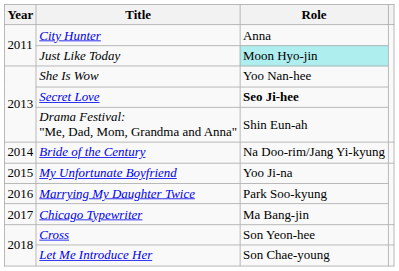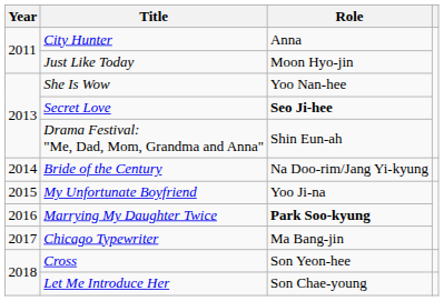 <table class="wikitable">
 <tr>
 <th>Year</th>
 <th>Title</th>
 <th>Role</th>
 <th scope="col" class="unsortable"></th>
 </tr>
 <tr>
 <td rowspan=2>2011</td>
 <td><em><a href='#'>City Hunter</a></em></td>
 <td>Anna</td>
 </tr>
 <tr>
 <td><em>Just Like Today</em></td>
-<td style="background: paleturquoise;">Moon Hyo-jin</td>
+<td>Moon Hyo-jin</td>
 </tr>
 <tr>
 <td rowspan=3>2013</td>
 <td><em>She Is Wow</em></td>
 <td>Yoo Nan-hee</td>
 </tr>
 <tr>
 <td><em><a href='#'>Secret Love</a></em></td>
 <td><strong>Seo Ji-hee</strong></td>
 </tr>
 <tr>
 <td><em>Drama Festival:</em><br>"Me, Dad, Mom, Grandma and Anna"</td>
 <td>Shin Eun-ah</td>
 </tr>
 <tr>
 <td>2014</td>
 <td><em><a href='#'>Bride of the Century</a></em></td>
 <td>Na Doo-rim/Jang Yi-kyung</td>
 <td></td>
 </tr>
 <tr>
 <td>2015</td>
 <td><em><a href='#'>My Unfortunate Boyfriend</a></em></td>
 <td>Yoo Ji-na</td>
 </tr>
 <tr>
 <td>2016</td>
 <td><em><a href='#'>Marrying My Daughter Twice</a></em></td>
-<td>Park Soo-kyung</td>
+<td><strong>Park Soo-kyung</strong></td>
 </tr>
 <tr>
 <td>2017</td>
 <td><em><a href='#'>Chicago Typewriter</a></em></td>
 <td>Ma Bang-jin</td>
 </tr>
 <tr>
 <td rowspan=2>2018</td>
 <td><em><a href='#'>Cross</a></em></td>
 <td>Son Yeon-hee</td>
 <td></td>
 </tr>
 <tr>
 <td><em><a href='#'>Let Me Introduce Her</a></em></td>
 <td>Son Chae-young</td>
 <td></td>
 </tr>
 </table>
